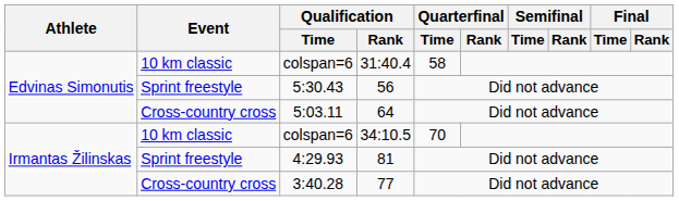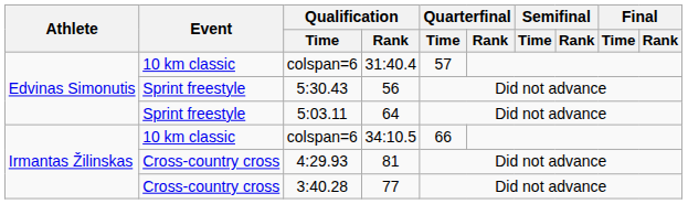 <table class="wikitable" style="font-size:90%">
 <tr>
 <th rowspan="2">Athlete</th>
 <th rowspan="2">Event</th>
 <th colspan="2">Qualification</th>
 <th colspan="2">Quarterfinal</th>
 <th colspan="2">Semifinal</th>
 <th colspan="2">Final</th>
 </tr>
 <tr style="font-size:95%">
 <th>Time</th>
 <th>Rank</th>
 <th>Time</th>
 <th>Rank</th>
 <th>Time</th>
 <th>Rank</th>
 <th>Time</th>
 <th>Rank</th>
 </tr>
 <tr align=center>
 <td align=left rowspan=3><a href='#'>Edvinas Simonutis</a></td>
 <td align=left><a href='#'>10 km classic</a></td>
 <td>colspan=6 </td>
 <td>31:40.4</td>
-<td>58</td>
+<td>57</td>
 </tr>
 <tr align=center>
 <td align=left><a href='#'>Sprint freestyle</a></td>
 <td>5:30.43</td>
 <td>56</td>
 <td colspan=6>Did not advance</td>
 </tr>
 <tr align=center>
-<td align=left><a href='#'>Cross-country cross</a></td>
+<td align=left><a href='#'>Sprint freestyle</a></td>
 <td>5:03.11</td>
 <td>64</td>
 <td colspan=6>Did not advance</td>
 </tr>
 <tr align=center>
 <td align=left rowspan=3><a href='#'>Irmantas Žilinskas</a></td>
 <td align=left><a href='#'>10 km classic</a></td>
 <td>colspan=6 </td>
 <td>34:10.5</td>
-<td>70</td>
+<td>66</td>
 </tr>
 <tr align=center>
-<td align=left><a href='#'>Sprint freestyle</a></td>
+<td align=left><a href='#'>Cross-country cross</a></td>
 <td>4:29.93</td>
 <td>81</td>
 <td colspan=6>Did not advance</td>
 </tr>
 <tr align=center>
 <td align=left><a href='#'>Cross-country cross</a></td>
 <td>3:40.28</td>
 <td>77</td>
 <td colspan=6>Did not advance</td>
 </tr>
 </table>
